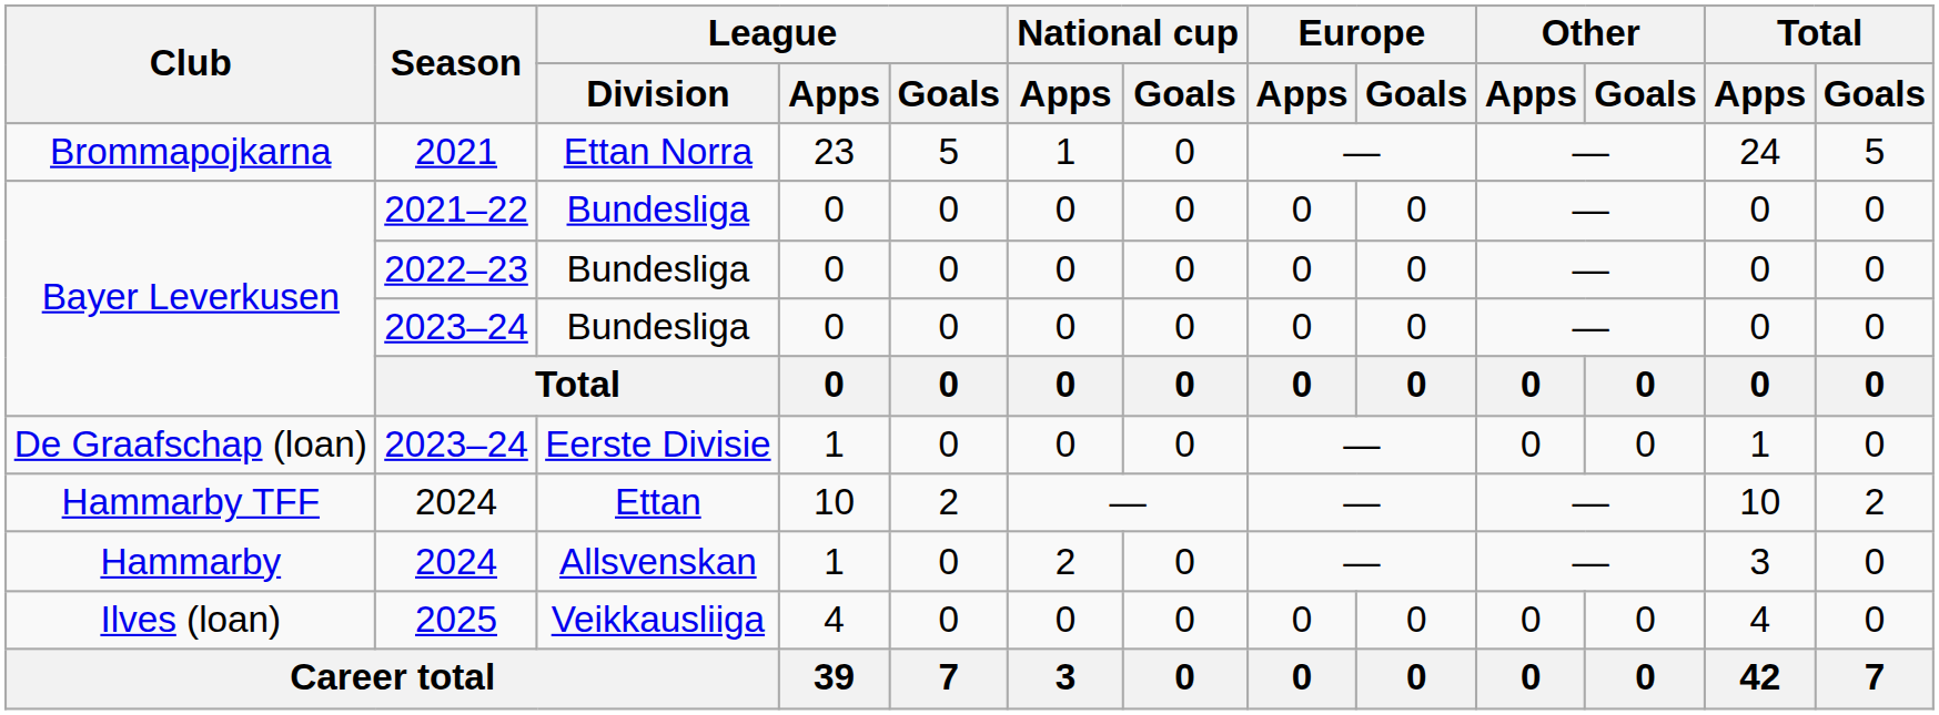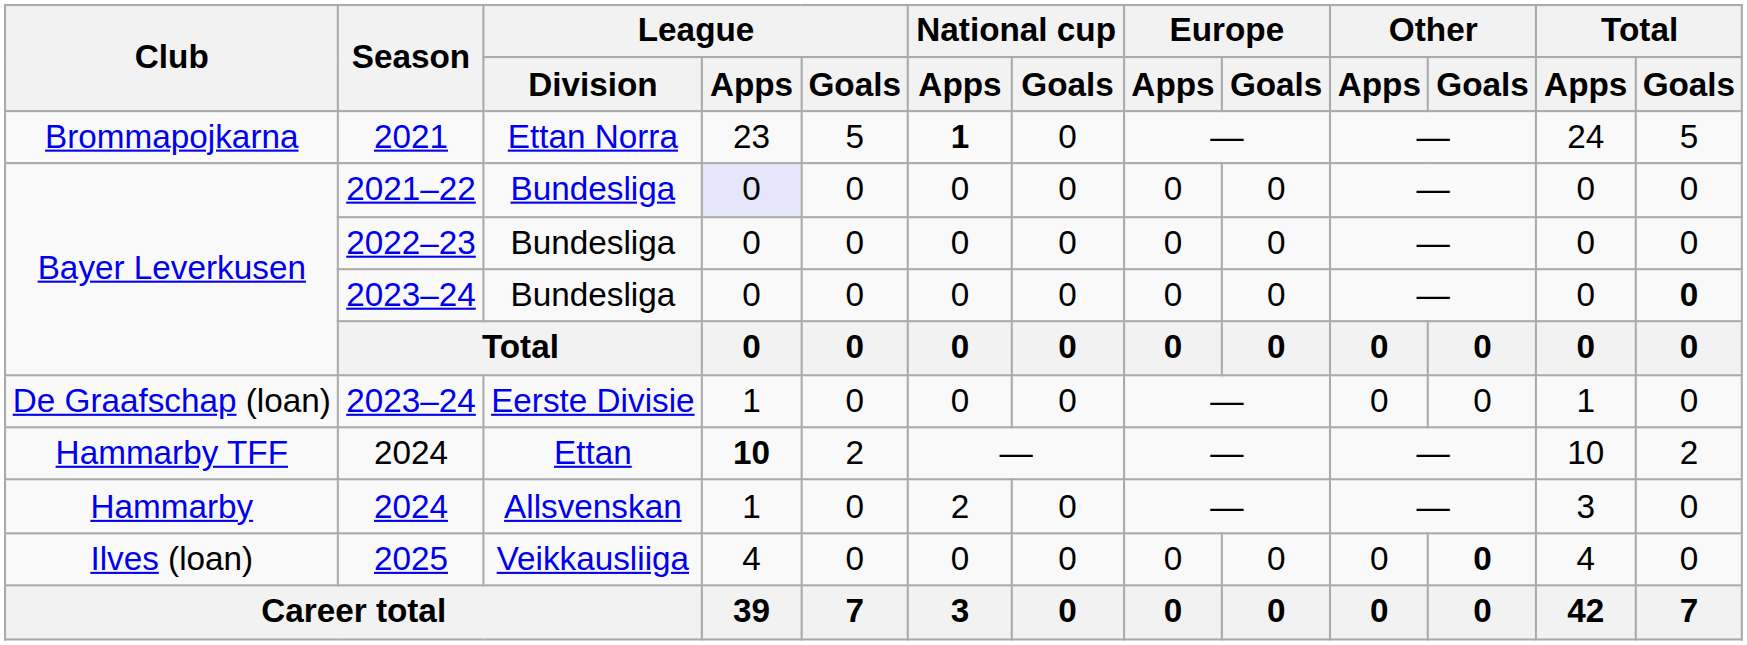 <table class="wikitable" style="text-align:center">
 <tr>
 <th rowspan="2">Club</th>
 <th rowspan="2">Season</th>
 <th colspan="3">League</th>
 <th colspan="2">National cup</th>
 <th colspan="2">Europe</th>
 <th colspan="2">Other</th>
 <th colspan="2">Total</th>
 </tr>
 <tr>
 <th>Division</th>
 <th>Apps</th>
 <th>Goals</th>
 <th>Apps</th>
 <th>Goals</th>
 <th>Apps</th>
 <th>Goals</th>
 <th>Apps</th>
 <th>Goals</th>
 <th>Apps</th>
 <th>Goals</th>
 </tr>
 <tr>
 <td><a href='#'>Brommapojkarna</a></td>
 <td><a href='#'>2021</a></td>
 <td><a href='#'>Ettan Norra</a></td>
 <td>23</td>
 <td>5</td>
-<td>1</td>
+<td><strong>1</strong></td>
 <td>0</td>
 <td colspan="2">—</td>
 <td colspan="2">—</td>
 <td>24</td>
 <td>5</td>
 </tr>
 <tr>
 <td rowspan="4"><a href='#'>Bayer Leverkusen</a></td>
 <td><a href='#'>2021–22</a></td>
 <td><a href='#'>Bundesliga</a></td>
-<td>0</td>
+<td style="background: lavender;">0</td>
 <td>0</td>
 <td>0</td>
 <td>0</td>
 <td>0</td>
 <td>0</td>
 <td colspan="2">—</td>
 <td>0</td>
 <td>0</td>
 </tr>
 <tr>
 <td><a href='#'>2022–23</a></td>
 <td>Bundesliga</td>
 <td>0</td>
 <td>0</td>
 <td>0</td>
 <td>0</td>
 <td>0</td>
 <td>0</td>
 <td colspan="2">—</td>
 <td>0</td>
 <td>0</td>
 </tr>
 <tr>
 <td><a href='#'>2023–24</a></td>
 <td>Bundesliga</td>
 <td>0</td>
 <td>0</td>
 <td>0</td>
 <td>0</td>
 <td>0</td>
 <td>0</td>
 <td colspan="2">—</td>
 <td>0</td>
-<td>0</td>
+<td><strong>0</strong></td>
 </tr>
 <tr>
 <th colspan="2">Total</th>
 <th>0</th>
 <th>0</th>
 <th>0</th>
 <th>0</th>
 <th>0</th>
 <th>0</th>
 <th>0</th>
 <th>0</th>
 <th>0</th>
 <th>0</th>
 </tr>
 <tr>
 <td><a href='#'>De Graafschap</a> (loan)</td>
 <td><a href='#'>2023–24</a></td>
 <td><a href='#'>Eerste Divisie</a></td>
 <td>1</td>
 <td>0</td>
 <td>0</td>
 <td>0</td>
 <td colspan="2">—</td>
 <td>0</td>
 <td>0</td>
 <td>1</td>
 <td>0</td>
 </tr>
 <tr>
 <td><a href='#'>Hammarby TFF</a></td>
 <td>2024</td>
 <td><a href='#'>Ettan</a></td>
-<td>10</td>
+<td><strong>10</strong></td>
 <td>2</td>
 <td colspan="2">—</td>
 <td colspan="2">—</td>
 <td colspan="2">—</td>
 <td>10</td>
 <td>2</td>
 </tr>
 <tr>
 <td><a href='#'>Hammarby</a></td>
 <td><a href='#'>2024</a></td>
 <td><a href='#'>Allsvenskan</a></td>
 <td>1</td>
 <td>0</td>
 <td>2</td>
 <td>0</td>
 <td colspan="2">—</td>
 <td colspan="2">—</td>
 <td>3</td>
 <td>0</td>
 </tr>
 <tr>
 <td><a href='#'>Ilves</a> (loan)</td>
 <td><a href='#'>2025</a></td>
 <td><a href='#'>Veikkausliiga</a></td>
 <td>4</td>
 <td>0</td>
 <td>0</td>
 <td>0</td>
 <td>0</td>
 <td>0</td>
 <td>0</td>
-<td>0</td>
+<td><strong>0</strong></td>
 <td>4</td>
 <td>0</td>
 </tr>
 <tr>
 <th colspan="3">Career total</th>
 <th>39</th>
 <th>7</th>
 <th>3</th>
 <th>0</th>
 <th>0</th>
 <th>0</th>
 <th>0</th>
 <th>0</th>
 <th>42</th>
 <th>7</th>
 </tr>
 </table>
